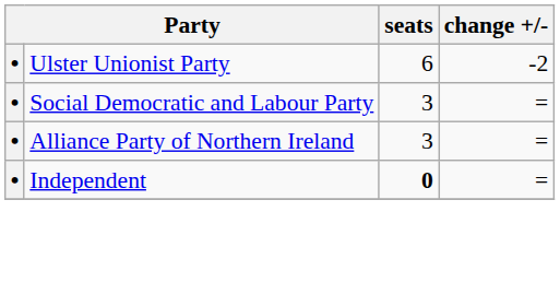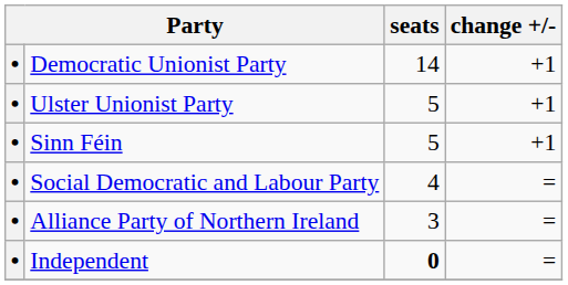 <table class="wikitable" style="font-size: 95%;">
 <tr>
 <th colspan=2>Party</th>
 <th>seats</th>
 <th>change +/-</th>
 </tr>
 <tr>
 <th style="background-color: "><span>•</span></th>
+<td><a href='#'>Democratic Unionist Party</a></td>
+<td align="right">14</td>
+<td align="right">+1</td>
+</tr>
+<tr>
+<th style="background-color: "><span>•</span></th>
 <td><a href='#'>Ulster Unionist Party</a></td>
-<td align="right">6</td>
-<td align="right">-2</td>
+<td align="right">5</td>
+<td align="right">+1</td>
+</tr>
+<tr>
+<th style="background-color: "><span>•</span></th>
+<td><a href='#'>Sinn Féin</a></td>
+<td align="right">5</td>
+<td align="right">+1</td>
 </tr>
 <tr>
 <th style="background-color: "><span>•</span></th>
 <td><a href='#'>Social Democratic and Labour Party</a></td>
-<td align="right">3</td>
+<td align="right">4</td>
 <td align="right">=</td>
 </tr>
 <tr>
 <th style="background-color: "><span>•</span></th>
 <td><a href='#'>Alliance Party of Northern Ireland</a></td>
 <td align="right">3</td>
 <td align="right">=</td>
 </tr>
 <tr>
 <th style="background-color: "><span>•</span></th>
 <td><a href='#'>Independent</a></td>
 <td align="right"><strong>0</strong></td>
 <td align="right">=</td>
 </tr>
 <tr>
 </tr>
 </table>
